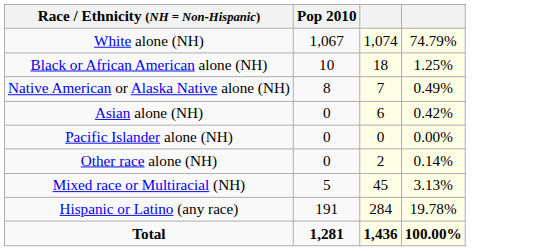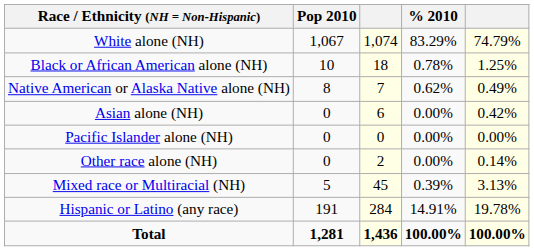 <table class="wikitable" style="text-align:center;">
 <tr>
 <th>Race / Ethnicity <small>(<em>NH = Non-Hispanic</em>)</small></th>
 <th>Pop 2010</th>
 <th></th>
+<th>% 2010</th>
 <th></th>
 </tr>
 <tr>
 <td><a href='#'>White</a> alone (NH)</td>
 <td>1,067</td>
 <td style='background: #ffffe6;'>1,074</td>
+<td>83.29%</td>
 <td style='background: #ffffe6;'>74.79%</td>
 </tr>
 <tr>
 <td><a href='#'>Black or African American</a> alone (NH)</td>
 <td>10</td>
 <td style='background: #ffffe6;'>18</td>
+<td>0.78%</td>
 <td style='background: #ffffe6;'>1.25%</td>
 </tr>
 <tr>
 <td><a href='#'>Native American</a> or <a href='#'>Alaska Native</a> alone (NH)</td>
 <td>8</td>
 <td style='background: #ffffe6;'>7</td>
+<td>0.62%</td>
 <td style='background: #ffffe6;'>0.49%</td>
 </tr>
 <tr>
 <td><a href='#'>Asian</a> alone (NH)</td>
 <td>0</td>
 <td style='background: #ffffe6;'>6</td>
+<td>0.00%</td>
 <td style='background: #ffffe6;'>0.42%</td>
 </tr>
 <tr>
 <td><a href='#'>Pacific Islander</a> alone (NH)</td>
 <td>0</td>
 <td style='background: #ffffe6;'>0</td>
+<td>0.00%</td>
 <td style='background: #ffffe6;'>0.00%</td>
 </tr>
 <tr>
 <td><a href='#'>Other race</a> alone (NH)</td>
 <td>0</td>
 <td style='background: #ffffe6;'>2</td>
+<td>0.00%</td>
 <td style='background: #ffffe6;'>0.14%</td>
 </tr>
 <tr>
 <td><a href='#'>Mixed race or Multiracial</a> (NH)</td>
 <td>5</td>
 <td style='background: #ffffe6;'>45</td>
+<td>0.39%</td>
 <td style='background: #ffffe6;'>3.13%</td>
 </tr>
 <tr>
 <td><a href='#'>Hispanic or Latino</a> (any race)</td>
 <td>191</td>
 <td style='background: #ffffe6;'>284</td>
+<td>14.91%</td>
 <td style='background: #ffffe6;'>19.78%</td>
 </tr>
 <tr>
 <td><strong>Total</strong></td>
 <td><strong>1,281</strong></td>
 <td style='background: #ffffe6;'><strong>1,436</strong></td>
+<td><strong>100.00%</strong></td>
 <td style='background: #ffffe6;'><strong>100.00%</strong></td>
 </tr>
 </table>
